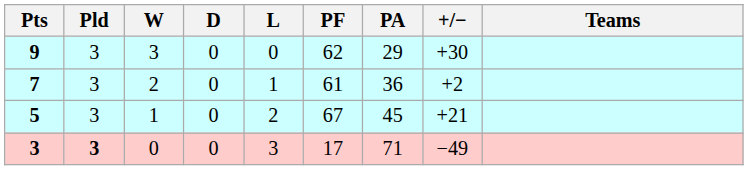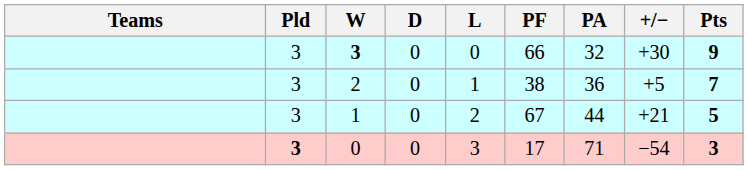 <table class="wikitable" style="text-align: center;">
 <tr>
-<th width="40">Pts</th>
+<th width="200">Teams</th>
 <th width="40">Pld</th>
 <th width="40">W</th>
 <th width="40">D</th>
 <th width="40">L</th>
 <th width="40">PF</th>
 <th width="40">PA</th>
 <th width="40">+/−</th>
-<th width="200">Teams</th>
+<th width="40">Pts</th>
 </tr>
 <tr bgcolor=ccffff>
-<td><strong>9</strong></td>
+<td align=left></td>
 <td>3</td>
-<td>3</td>
+<td><strong>3</strong></td>
 <td>0</td>
 <td>0</td>
-<td>62</td>
-<td>29</td>
+<td>66</td>
+<td>32</td>
 <td>+30</td>
-<td align=left></td>
+<td><strong>9</strong></td>
 </tr>
 <tr bgcolor=ccffff>
-<td><strong>7</strong></td>
+<td align=left></td>
 <td>3</td>
 <td>2</td>
 <td>0</td>
 <td>1</td>
-<td>61</td>
+<td>38</td>
 <td>36</td>
-<td>+2</td>
-<td align=left></td>
+<td>+5</td>
+<td><strong>7</strong></td>
 </tr>
 <tr bgcolor=ccffff>
-<td><strong>5</strong></td>
+<td align=left></td>
 <td>3</td>
 <td>1</td>
 <td>0</td>
 <td>2</td>
 <td>67</td>
-<td>45</td>
+<td>44</td>
 <td>+21</td>
-<td align=left></td>
+<td><strong>5</strong></td>
 </tr>
 <tr bgcolor=ffcccc>
-<td><strong>3</strong></td>
+<td align=left></td>
 <td><strong>3</strong></td>
 <td>0</td>
 <td>0</td>
 <td>3</td>
 <td>17</td>
 <td>71</td>
-<td>−49</td>
-<td align=left></td>
+<td>−54</td>
+<td><strong>3</strong></td>
 </tr>
 </table>
